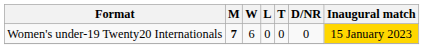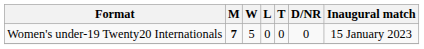 <table class="wikitable" style="text-align: center">
 <tr>
 <th>Format</th>
 <th>M</th>
 <th>W</th>
 <th>L</th>
 <th>T</th>
 <th>D/NR</th>
 <th>Inaugural match</th>
 </tr>
 <tr>
 <td align="left">Women's under-19 Twenty20 Internationals</td>
 <td><strong>7</strong></td>
-<td>6</td>
+<td>5</td>
 <td>0</td>
 <td>0</td>
 <td>0</td>
-<td style="background: gold;">15 January 2023</td>
+<td>15 January 2023</td>
 </tr>
 <tr>
 </tr>
 </table>
